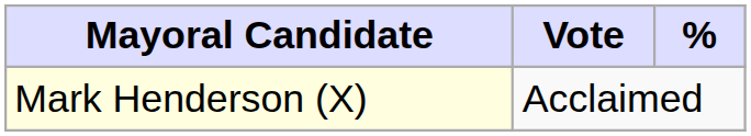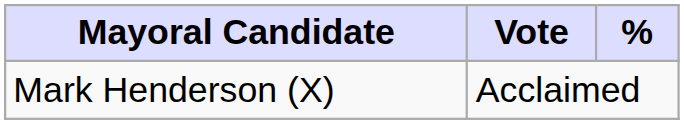 <table class="wikitable">
 <tr>
 <th style="background:#ddf; width:200px;">Mayoral Candidate</th>
 <th style="background:#ddf; width:50px;">Vote</th>
 <th style="background:#ddf; width:30px;">%</th>
 </tr>
 <tr>
-<td style="background: lightyellow;">Mark Henderson (X)</td>
+<td>Mark Henderson (X)</td>
 <td colspan="2">Acclaimed</td>
 </tr>
 </table>
